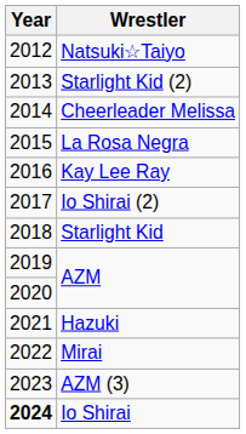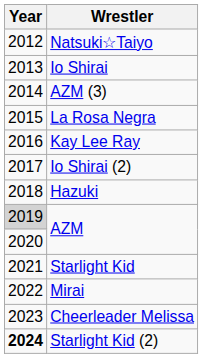 <table class="wikitable">
 <tr>
 <th>Year</th>
 <th>Wrestler</th>
 </tr>
 <tr>
 <td>2012</td>
 <td><a href='#'>Natsuki☆Taiyo</a></td>
 </tr>
 <tr>
 <td>2013</td>
-<td><a href='#'>Starlight Kid</a> (2)</td>
+<td><a href='#'>Io Shirai</a></td>
 </tr>
 <tr>
 <td>2014</td>
-<td><a href='#'>Cheerleader Melissa</a></td>
+<td><a href='#'>AZM</a> (3)</td>
 </tr>
 <tr>
 <td>2015</td>
 <td><a href='#'>La Rosa Negra</a></td>
 </tr>
 <tr>
 <td>2016</td>
 <td><a href='#'>Kay Lee Ray</a></td>
 </tr>
 <tr>
 <td>2017</td>
 <td><a href='#'>Io Shirai</a> (2)</td>
 </tr>
 <tr>
 <td>2018</td>
-<td><a href='#'>Starlight Kid</a></td>
+<td><a href='#'>Hazuki</a></td>
 </tr>
 <tr>
-<td>2019</td>
+<td style="background: lightgrey;">2019</td>
 <td rowspan="2"><a href='#'>AZM</a></td>
 </tr>
 <tr>
 <td>2020</td>
 </tr>
 <tr>
 <td>2021</td>
-<td><a href='#'>Hazuki</a></td>
+<td><a href='#'>Starlight Kid</a></td>
 </tr>
 <tr>
 <td>2022</td>
 <td><a href='#'>Mirai</a></td>
 </tr>
 <tr>
 <td>2023</td>
-<td><a href='#'>AZM</a> (3)</td>
+<td><a href='#'>Cheerleader Melissa</a></td>
 </tr>
 <tr>
 <td><strong>2024</strong></td>
-<td><a href='#'>Io Shirai</a></td>
+<td><a href='#'>Starlight Kid</a> (2)</td>
 </tr>
 </table>
